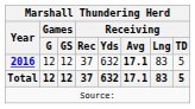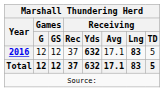 <table class="wikitable" style="text-align: center;">
 <tr>
 <th colspan="8"><strong>Marshall Thundering Herd</strong></th>
 </tr>
 <tr>
 <th rowspan="2">Year</th>
 <th colspan="2">Games</th>
 <th colspan="5">Receiving</th>
 </tr>
 <tr>
 <th>G</th>
 <th>GS</th>
 <th>Rec</th>
 <th>Yds</th>
 <th>Avg</th>
 <th>Lng</th>
 <th>TD</th>
 </tr>
 <tr>
 <th><a href='#'>2016</a></th>
 <td>12</td>
 <td>12</td>
 <td>37</td>
-<td>632</td>
-<td><strong>17.1</strong></td>
-<td>83</td>
+<td><strong>632</strong></td>
+<td>17.1</td>
+<td><strong>83</strong></td>
 <td>5</td>
 </tr>
 <tr>
 <th>Total</th>
 <th>12</th>
 <th>12</th>
 <th>37</th>
 <th>632</th>
 <th>17.1</th>
 <th>83</th>
 <th>5</th>
 </tr>
 <tr>
 <td colspan="8"><small>Source:  </small></td>
 </tr>
 </table>
